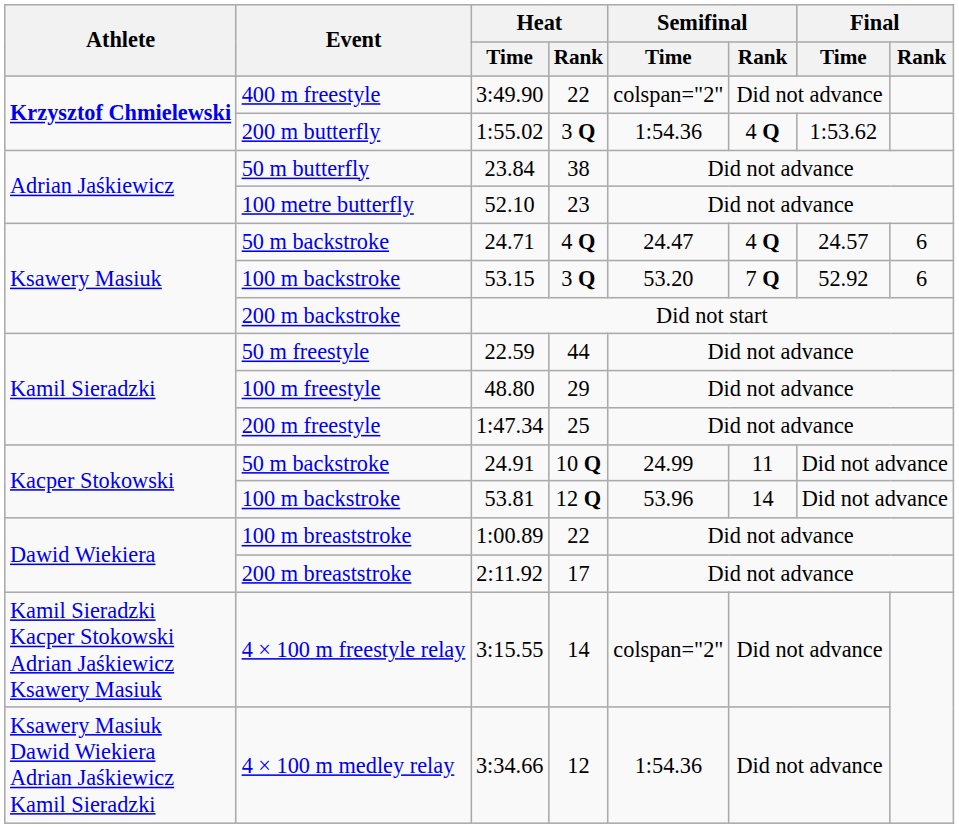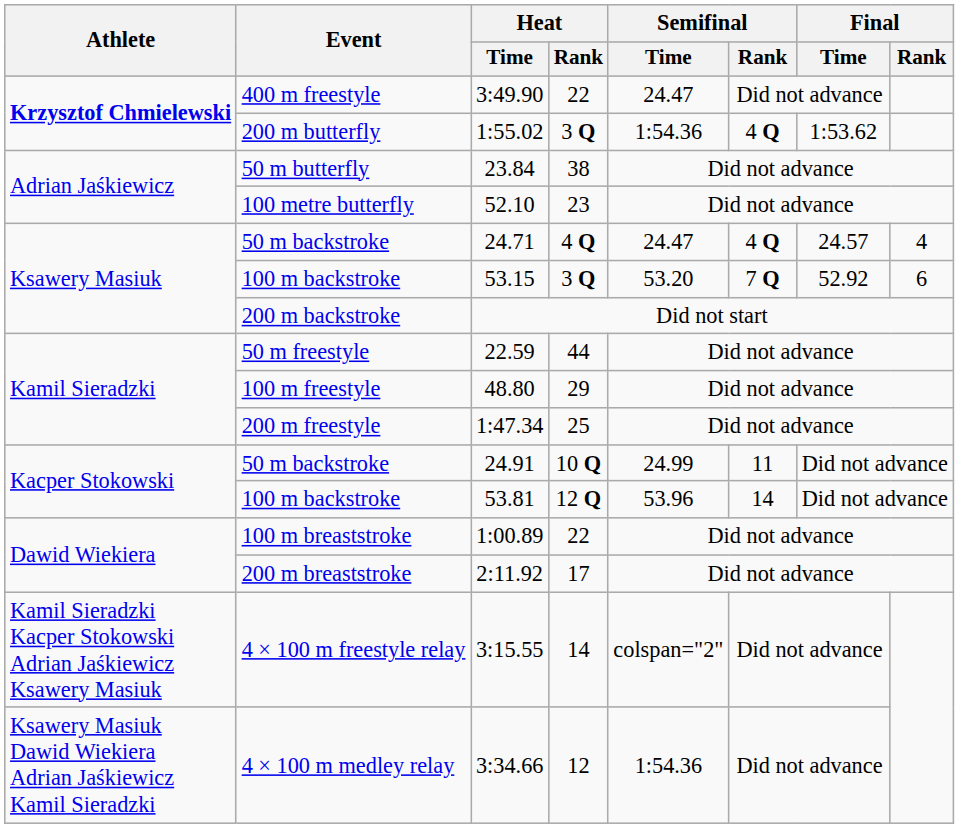 <table class="wikitable" style="text-align:center; font-size:90%;">
 <tr>
 <th rowspan="2">Athlete</th>
 <th rowspan="2">Event</th>
 <th colspan="2">Heat</th>
 <th colspan="2">Semifinal</th>
 <th colspan="2">Final</th>
 </tr>
 <tr style="font-size:95%">
 <th>Time</th>
 <th>Rank</th>
 <th>Time</th>
 <th>Rank</th>
 <th>Time</th>
 <th>Rank</th>
 </tr>
 <tr>
 <td align=left rowspan="2"><strong><a href='#'>Krzysztof Chmielewski</a></strong></td>
 <td align=left><a href='#'>400 m freestyle</a></td>
 <td>3:49.90</td>
 <td>22</td>
-<td>colspan="2" </td>
+<td>24.47</td>
 <td colspan="2">Did not advance</td>
 </tr>
 <tr>
 <td align=left><a href='#'>200 m butterfly</a></td>
 <td>1:55.02</td>
 <td>3 <strong>Q</strong></td>
 <td>1:54.36</td>
 <td>4 <strong>Q</strong></td>
 <td>1:53.62</td>
 <td></td>
 </tr>
 <tr>
 <td align=left rowspan=2><a href='#'>Adrian Jaśkiewicz</a></td>
 <td align=left><a href='#'>50 m butterfly</a></td>
 <td>23.84</td>
 <td>38</td>
 <td colspan=4>Did not advance</td>
 </tr>
 <tr>
 <td align=left><a href='#'>100 metre butterfly</a></td>
 <td>52.10</td>
 <td>23</td>
 <td colspan=4>Did not advance</td>
 </tr>
 <tr>
 <td align=left rowspan=3><a href='#'>Ksawery Masiuk</a></td>
 <td align=left><a href='#'>50 m backstroke</a></td>
 <td>24.71</td>
 <td>4 <strong>Q</strong></td>
 <td>24.47</td>
 <td>4 <strong>Q</strong></td>
 <td>24.57</td>
-<td>6</td>
+<td>4</td>
 </tr>
 <tr>
 <td align=left><a href='#'>100 m backstroke</a></td>
 <td>53.15</td>
 <td>3 <strong>Q</strong></td>
 <td>53.20</td>
 <td>7 <strong>Q</strong></td>
 <td>52.92</td>
 <td>6</td>
 </tr>
 <tr>
 <td align=left><a href='#'>200 m backstroke</a></td>
 <td colspan=6>Did not start</td>
 </tr>
 <tr>
 <td align=left rowspan="3"><a href='#'>Kamil Sieradzki</a></td>
 <td align=left><a href='#'>50 m freestyle</a></td>
 <td>22.59</td>
 <td>44</td>
 <td colspan=4>Did not advance</td>
 </tr>
 <tr>
 <td align=left><a href='#'>100 m freestyle</a></td>
 <td>48.80</td>
 <td>29</td>
 <td colspan=4>Did not advance</td>
 </tr>
 <tr>
 <td align=left><a href='#'>200 m freestyle</a></td>
 <td>1:47.34</td>
 <td>25</td>
 <td colspan=4>Did not advance</td>
 </tr>
 <tr>
 <td align=left rowspan=2><a href='#'>Kacper Stokowski</a></td>
 <td align=left><a href='#'>50 m backstroke</a></td>
 <td>24.91</td>
 <td>10 <strong>Q</strong></td>
 <td>24.99</td>
 <td>11</td>
 <td colspan=2>Did not advance</td>
 </tr>
 <tr>
 <td align=left><a href='#'>100 m backstroke</a></td>
 <td>53.81</td>
 <td>12 <strong>Q</strong></td>
 <td>53.96</td>
 <td>14</td>
 <td colspan=2>Did not advance</td>
 </tr>
 <tr>
 <td align=left rowspan=2><a href='#'>Dawid Wiekiera</a></td>
 <td align=left><a href='#'>100 m breaststroke</a></td>
 <td>1:00.89</td>
 <td>22</td>
 <td colspan=4>Did not advance</td>
 </tr>
 <tr align=center>
 <td align=left><a href='#'>200 m breaststroke</a></td>
 <td>2:11.92</td>
 <td>17</td>
 <td colspan=4>Did not advance</td>
 </tr>
 <tr align=center>
 <td align=left><a href='#'>Kamil Sieradzki</a><br><a href='#'>Kacper Stokowski</a><br><a href='#'>Adrian Jaśkiewicz</a><br><a href='#'>Ksawery Masiuk</a></td>
 <td align=left><a href='#'>4 × 100 m freestyle relay</a></td>
 <td>3:15.55</td>
 <td>14</td>
 <td>colspan="2" </td>
 <td colspan="2">Did not advance</td>
 </tr>
 <tr>
 <td align=left><a href='#'>Ksawery Masiuk</a><br><a href='#'>Dawid Wiekiera</a><br><a href='#'>Adrian Jaśkiewicz</a><br><a href='#'>Kamil Sieradzki</a></td>
 <td align=left><a href='#'>4 × 100 m medley relay</a></td>
 <td>3:34.66</td>
 <td>12</td>
 <td>1:54.36</td>
 <td colspan=2>Did not advance</td>
 </tr>
 </table>
